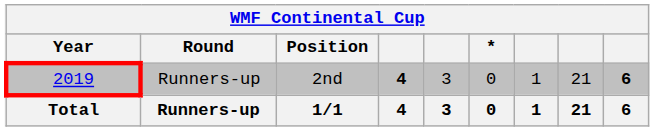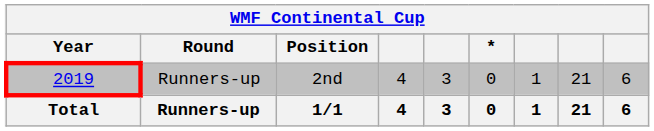 <table class="wikitable" style="font-size:90%; text-align:center;" width="50%">
 <tr>
 <th colspan="9"><a href='#'>WMF Continental Cup</a></th>
 </tr>
 <tr>
 <th width="15%">Year</th>
 <th width="15%">Round</th>
 <th width="5%">Position</th>
 <th width="5%"></th>
 <th width="5%"></th>
 <th width="5%">*</th>
 <th width="5%"></th>
 <th width="5%"></th>
 <th width="5%"></th>
 </tr>
 <tr style="background:silver;">
 <td style="border: 3px solid red"> <a href='#'>2019</a></td>
 <td>Runners-up</td>
 <td>2nd</td>
-<td><strong>4</strong></td>
+<td>4</td>
 <td>3</td>
 <td>0</td>
 <td>1</td>
 <td>21</td>
-<td><strong>6</strong></td>
+<td>6</td>
 </tr>
 <tr>
 <th>Total</th>
 <th>Runners-up</th>
 <th>1/1</th>
 <th>4</th>
 <th>3</th>
 <th>0</th>
 <th>1</th>
 <th>21</th>
 <th>6</th>
 </tr>
 </table>
